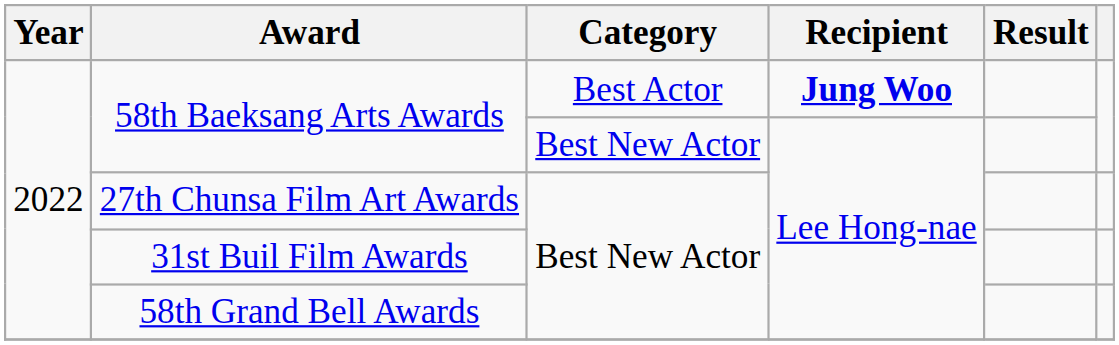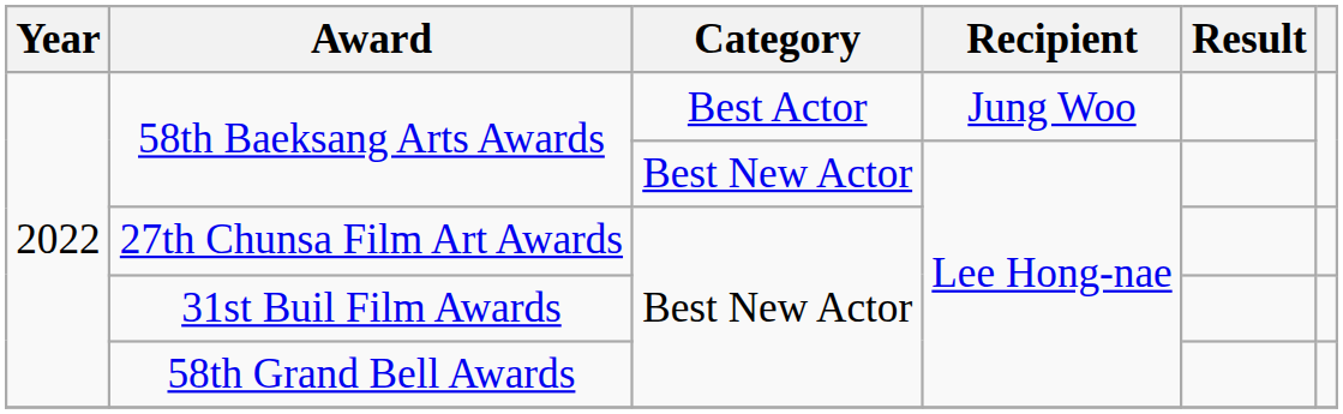 <table class="wikitable plainrowheaders" style="text-align:center;">
 <tr>
 <th>Year</th>
 <th>Award</th>
 <th>Category</th>
 <th>Recipient</th>
 <th>Result</th>
 <th></th>
 </tr>
 <tr>
 <td rowspan="5">2022</td>
 <td rowspan="2"><a href='#'>58th Baeksang Arts Awards</a></td>
 <td><a href='#'>Best Actor</a></td>
-<td><strong><a href='#'>Jung Woo</a></strong></td>
+<td><a href='#'>Jung Woo</a></td>
 <td></td>
 <td rowspan="2"></td>
 </tr>
 <tr>
 <td><a href='#'>Best New Actor</a></td>
 <td rowspan="4"><a href='#'>Lee Hong-nae</a></td>
 <td></td>
 </tr>
 <tr>
 <td><a href='#'>27th Chunsa Film Art Awards</a></td>
 <td rowspan="3">Best New Actor</td>
 <td></td>
 <td></td>
 </tr>
 <tr>
 <td><a href='#'>31st Buil Film Awards</a></td>
 <td></td>
 <td></td>
 </tr>
 <tr>
 <td><a href='#'>58th Grand Bell Awards</a></td>
 <td></td>
 <td></td>
 </tr>
 <tr>
 </tr>
 </table>
